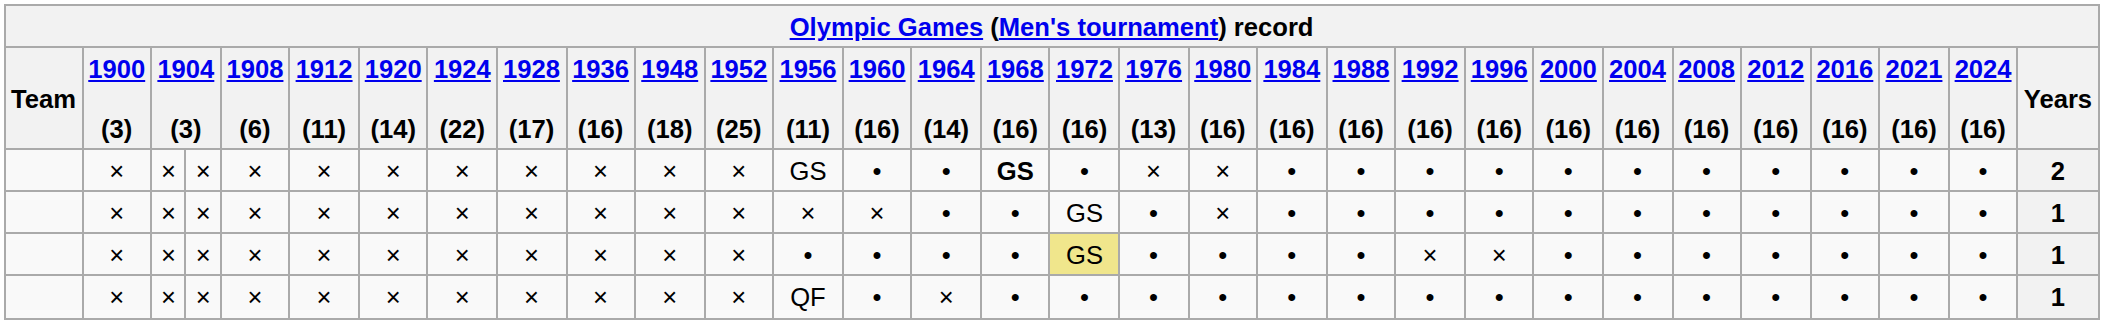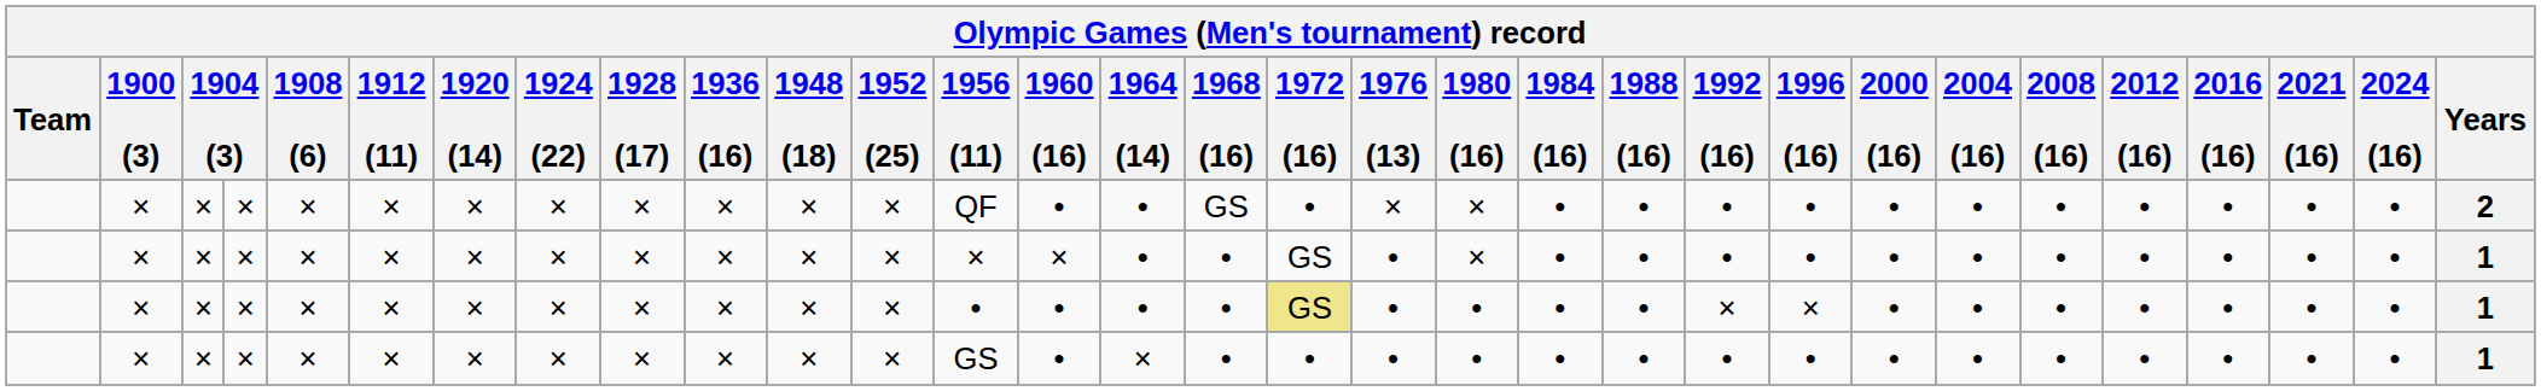 <table class="wikitable" style="text-align:center; font-size:80%;">
 <tr>
 <th colspan=31><a href='#'>Olympic Games</a> (<a href='#'>Men's tournament</a>) record</th>
 </tr>
 <tr>
 <th>Team</th>
 <th><a href='#'>1900</a><br><br>(3)</th>
 <th colspan="2"><a href='#'>1904</a><br><br>(3)</th>
 <th><a href='#'>1908</a><br><br>(6)</th>
 <th><a href='#'>1912</a><br><br>(11)</th>
 <th><a href='#'>1920</a><br><br>(14)</th>
 <th><a href='#'>1924</a><br><br>(22)</th>
 <th><a href='#'>1928</a><br><br>(17)</th>
 <th><a href='#'>1936</a><br><br>(16)</th>
 <th><a href='#'>1948</a><br><br>(18)</th>
 <th><a href='#'>1952</a><br><br>(25)</th>
 <th><a href='#'>1956</a><br><br>(11)</th>
 <th><a href='#'>1960</a><br><br>(16)</th>
 <th><a href='#'>1964</a><br><br>(14)</th>
 <th><a href='#'>1968</a><br><br>(16)</th>
 <th><a href='#'>1972</a><br><br>(16)</th>
 <th><a href='#'>1976</a><br><br>(13)</th>
 <th><a href='#'>1980</a><br><br>(16)</th>
 <th><a href='#'>1984</a><br><br>(16)</th>
 <th><a href='#'>1988</a><br><br>(16)</th>
 <th><a href='#'>1992</a><br><br>(16)</th>
 <th><a href='#'>1996</a><br><br>(16)</th>
 <th><a href='#'>2000</a><br><br>(16)</th>
 <th><a href='#'>2004</a><br><br>(16)</th>
 <th><a href='#'>2008</a><br><br>(16)</th>
 <th><a href='#'>2012</a><br><br>(16)</th>
 <th><a href='#'>2016</a><br><br>(16)</th>
 <th><a href='#'>2021</a><br><br>(16)</th>
 <th><a href='#'>2024</a><br><br>(16)</th>
 <th>Years</th>
 </tr>
 <tr>
 <td align=left></td>
 <td>×</td>
 <td>×</td>
 <td>×</td>
 <td>×</td>
 <td>×</td>
 <td>×</td>
 <td>×</td>
 <td>×</td>
 <td>×</td>
 <td>×</td>
 <td>×</td>
-<td>GS</td>
+<td>QF</td>
 <td>•</td>
 <td>•</td>
-<td><strong>GS</strong></td>
+<td>GS</td>
 <td>•</td>
 <td>×</td>
 <td>×</td>
 <td>•</td>
 <td>•</td>
 <td>•</td>
 <td>•</td>
 <td>•</td>
 <td>•</td>
 <td>•</td>
 <td>•</td>
 <td>•</td>
 <td>•</td>
 <td>•</td>
 <th>2</th>
 </tr>
 <tr>
 <td align=left></td>
 <td>×</td>
 <td>×</td>
 <td>×</td>
 <td>×</td>
 <td>×</td>
 <td>×</td>
 <td>×</td>
 <td>×</td>
 <td>×</td>
 <td>×</td>
 <td>×</td>
 <td>×</td>
 <td>×</td>
 <td>•</td>
 <td>•</td>
 <td>GS</td>
 <td>•</td>
 <td>×</td>
 <td>•</td>
 <td>•</td>
 <td>•</td>
 <td>•</td>
 <td>•</td>
 <td>•</td>
 <td>•</td>
 <td>•</td>
 <td>•</td>
 <td>•</td>
 <td>•</td>
 <th>1</th>
 </tr>
 <tr>
 <td align=left></td>
 <td>×</td>
 <td>×</td>
 <td>×</td>
 <td>×</td>
 <td>×</td>
 <td>×</td>
 <td>×</td>
 <td>×</td>
 <td>×</td>
 <td>×</td>
 <td>×</td>
 <td>•</td>
 <td>•</td>
 <td>•</td>
 <td>•</td>
 <td style="background: khaki;">GS</td>
 <td>•</td>
 <td>•</td>
 <td>•</td>
 <td>•</td>
 <td>×</td>
 <td>×</td>
 <td>•</td>
 <td>•</td>
 <td>•</td>
 <td>•</td>
 <td>•</td>
 <td>•</td>
 <td>•</td>
 <th>1</th>
 </tr>
 <tr>
 <td align=left></td>
 <td>×</td>
 <td>×</td>
 <td>×</td>
 <td>×</td>
 <td>×</td>
 <td>×</td>
 <td>×</td>
 <td>×</td>
 <td>×</td>
 <td>×</td>
 <td>×</td>
-<td>QF</td>
+<td>GS</td>
 <td>•</td>
 <td>×</td>
 <td>•</td>
 <td>•</td>
 <td>•</td>
 <td>•</td>
 <td>•</td>
 <td>•</td>
 <td>•</td>
 <td>•</td>
 <td>•</td>
 <td>•</td>
 <td>•</td>
 <td>•</td>
 <td>•</td>
 <td>•</td>
 <td>•</td>
 <th>1</th>
 </tr>
 </table>
